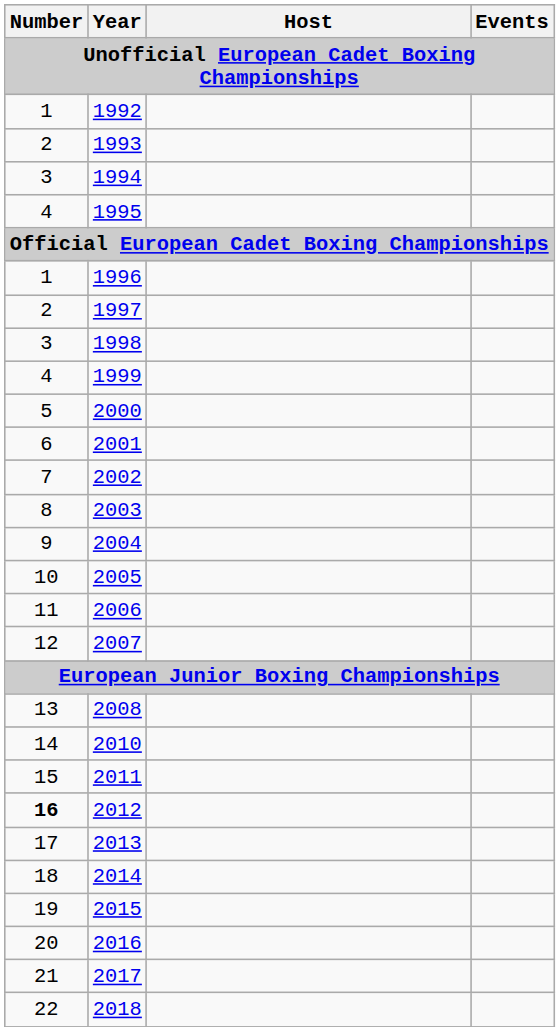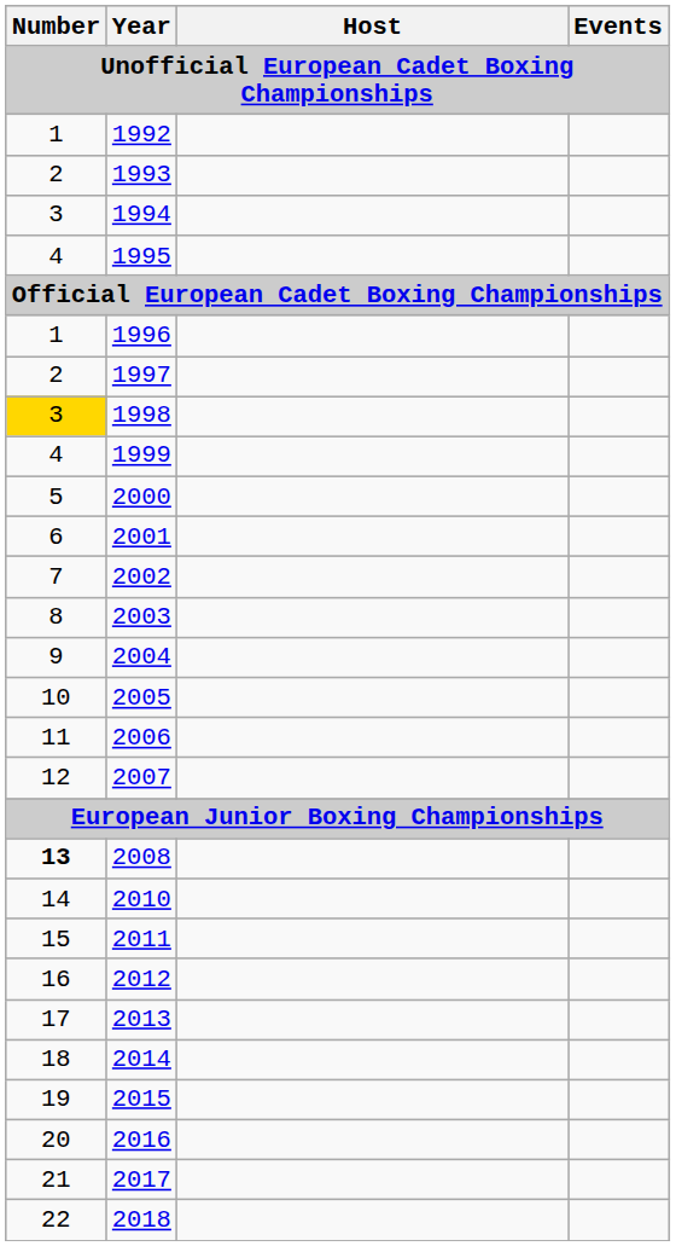 <table class="wikitable">
 <tr>
 <th width=20>Number</th>
 <th width=20>Year</th>
 <th width=200>Host</th>
 <th width=20>Events</th>
 </tr>
 <tr>
 <td colspan="5" bgcolor="#cccccc"align=center><strong>Unofficial <a href='#'>European Cadet Boxing Championships</a></strong></td>
 </tr>
 <tr>
 <td align=center>1</td>
 <td><a href='#'>1992</a></td>
 <td></td>
 <td align=center></td>
 </tr>
 <tr>
 <td align=center>2</td>
 <td><a href='#'>1993</a></td>
 <td></td>
 <td align=center></td>
 </tr>
 <tr>
 <td align=center>3</td>
 <td><a href='#'>1994</a></td>
 <td></td>
 <td align=center></td>
 </tr>
 <tr>
 <td align=center>4</td>
 <td><a href='#'>1995</a></td>
 <td></td>
 <td align=center></td>
 </tr>
 <tr>
 <td colspan="5" bgcolor="#cccccc"align=center><strong>Official <a href='#'>European Cadet Boxing Championships</a></strong></td>
 </tr>
 <tr>
 <td align=center>1</td>
 <td><a href='#'>1996</a></td>
 <td></td>
 <td align=center></td>
 </tr>
 <tr>
 <td align=center>2</td>
 <td><a href='#'>1997</a></td>
 <td></td>
 <td align=center></td>
 </tr>
 <tr>
-<td align=center>3</td>
+<td align=center style="background: gold;">3</td>
 <td><a href='#'>1998</a></td>
 <td></td>
 <td align=center></td>
 </tr>
 <tr>
 <td align=center>4</td>
 <td><a href='#'>1999</a></td>
 <td></td>
 <td align=center></td>
 </tr>
 <tr>
 <td align=center>5</td>
 <td><a href='#'>2000</a></td>
 <td></td>
 <td align=center></td>
 </tr>
 <tr>
 <td align=center>6</td>
 <td><a href='#'>2001</a></td>
 <td></td>
 <td align=center></td>
 </tr>
 <tr>
 <td align=center>7</td>
 <td><a href='#'>2002</a></td>
 <td></td>
 <td align=center></td>
 </tr>
 <tr>
 <td align=center>8</td>
 <td><a href='#'>2003</a></td>
 <td></td>
 <td align=center></td>
 </tr>
 <tr>
 <td align=center>9</td>
 <td><a href='#'>2004</a></td>
 <td></td>
 <td align=center></td>
 </tr>
 <tr>
 <td align=center>10</td>
 <td><a href='#'>2005</a></td>
 <td></td>
 <td align=center></td>
 </tr>
 <tr>
 <td align=center>11</td>
 <td><a href='#'>2006</a></td>
 <td></td>
 <td align=center></td>
 </tr>
 <tr>
 <td align=center>12</td>
 <td><a href='#'>2007</a></td>
 <td></td>
 <td align=center></td>
 </tr>
 <tr>
 <td colspan="5" bgcolor="#cccccc"align=center><strong><a href='#'>European Junior Boxing Championships</a></strong></td>
 </tr>
 <tr>
-<td align=center>13</td>
+<td align=center><strong>13</strong></td>
 <td><a href='#'>2008</a></td>
 <td></td>
 <td align=center></td>
 </tr>
 <tr>
 <td align=center>14</td>
 <td><a href='#'>2010</a></td>
 <td></td>
 <td align=center></td>
 </tr>
 <tr>
 <td align=center>15</td>
 <td><a href='#'>2011</a></td>
 <td></td>
 <td align=center></td>
 </tr>
 <tr>
-<td align=center><strong>16</strong></td>
+<td align=center>16</td>
 <td><a href='#'>2012</a></td>
 <td></td>
 <td align=center></td>
 </tr>
 <tr>
 <td align=center>17</td>
 <td><a href='#'>2013</a></td>
 <td></td>
 <td align=center></td>
 </tr>
 <tr>
 <td align=center>18</td>
 <td><a href='#'>2014</a></td>
 <td></td>
 <td align=center></td>
 </tr>
 <tr>
 <td align=center>19</td>
 <td><a href='#'>2015</a></td>
 <td></td>
 <td align=center></td>
 </tr>
 <tr>
 <td align=center>20</td>
 <td><a href='#'>2016</a></td>
 <td></td>
 <td align=center></td>
 </tr>
 <tr>
 <td align=center>21</td>
 <td><a href='#'>2017</a></td>
 <td></td>
 <td align=center></td>
 </tr>
 <tr>
 <td align=center>22</td>
 <td><a href='#'>2018</a></td>
 <td></td>
 <td align=center></td>
 </tr>
 </table>
